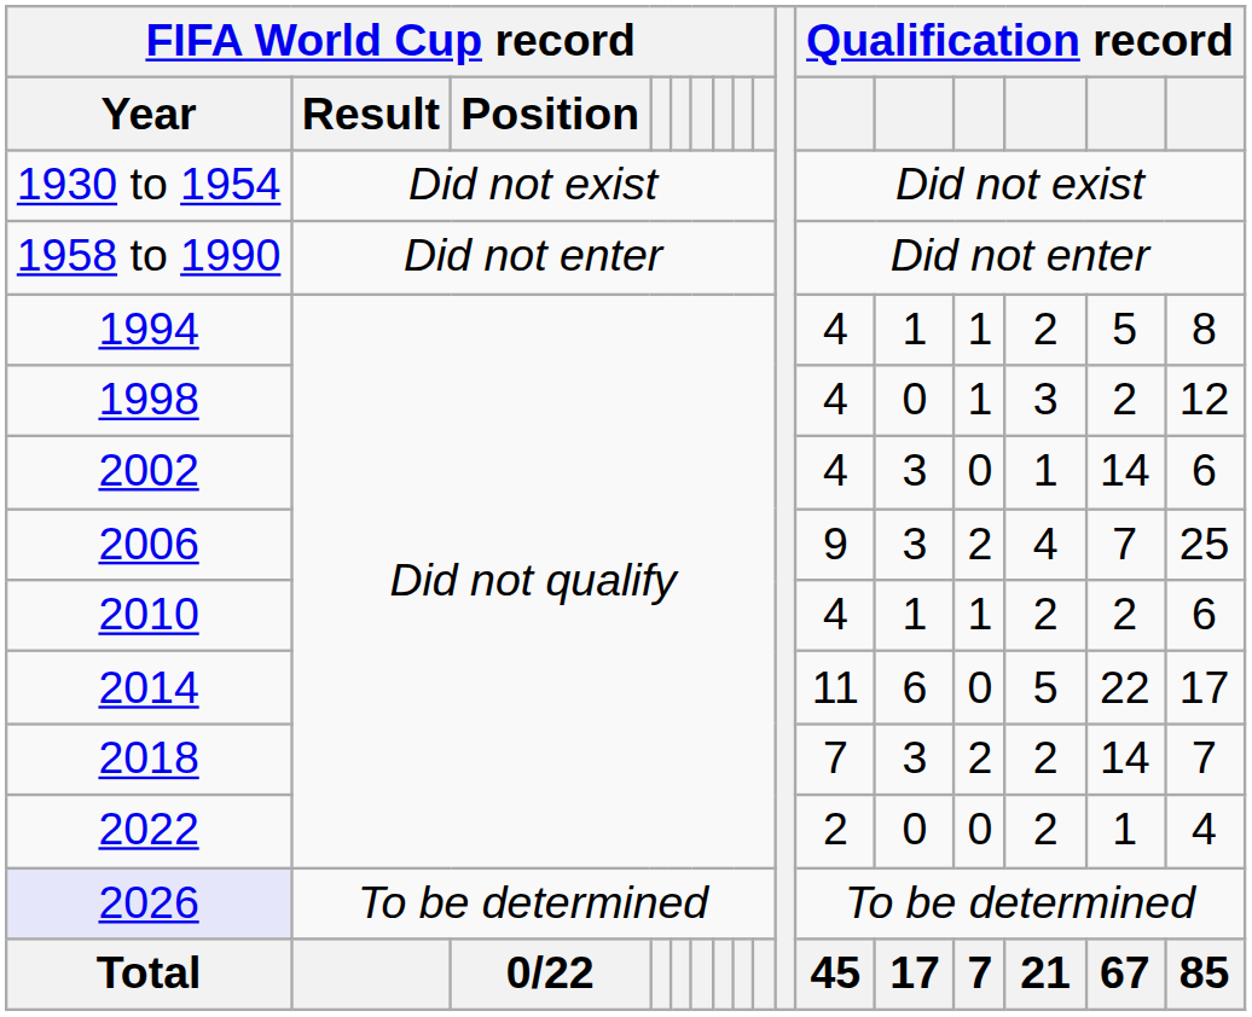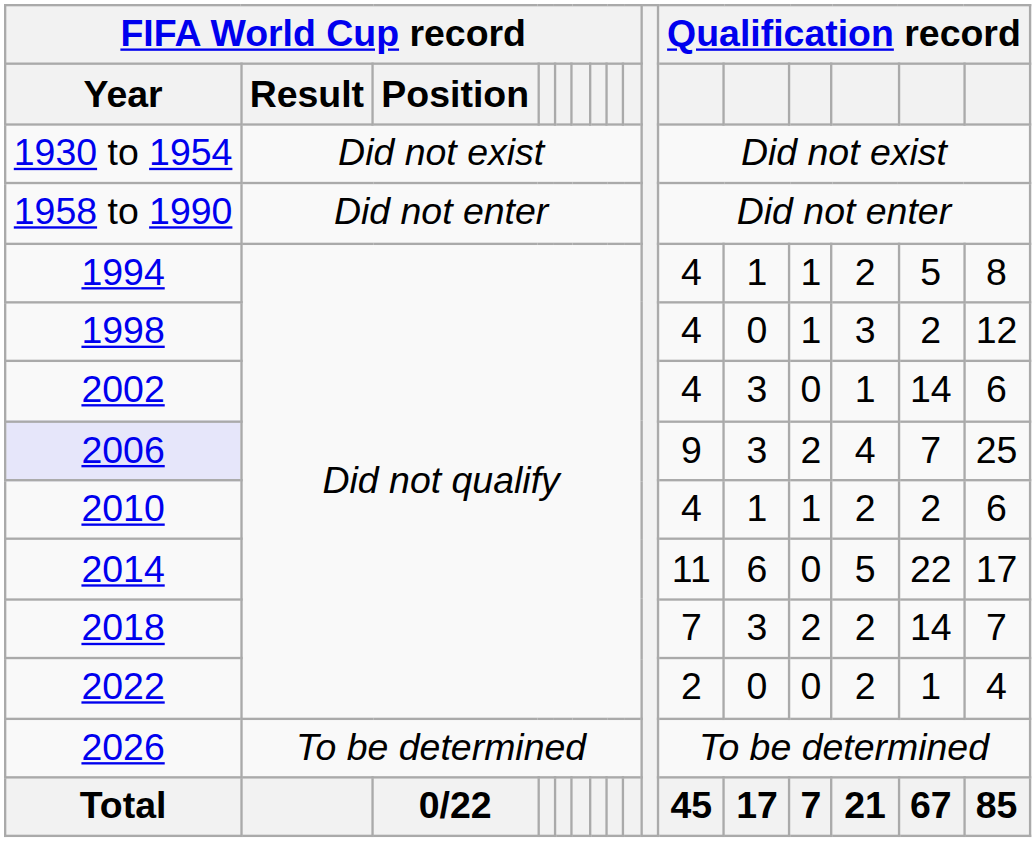 <table class="wikitable" style="text-align: center;">
 <tr>
 <th colspan="9"><a href='#'>FIFA World Cup</a> record</th>
 <th rowspan="25"></th>
 <th colspan="6"><a href='#'>Qualification</a> record</th>
 </tr>
 <tr>
 <th>Year</th>
 <th>Result</th>
 <th>Position</th>
 <th></th>
 <th></th>
 <th></th>
 <th></th>
 <th></th>
 <th></th>
 <th></th>
 <th></th>
 <th></th>
 <th></th>
 <th></th>
 <th></th>
 </tr>
 <tr>
 <td><a href='#'>1930</a> to <a href='#'>1954</a></td>
 <td colspan=8><em>Did not exist</em></td>
 <td colspan=6><em>Did not exist</em></td>
 </tr>
 <tr>
 <td><a href='#'>1958</a> to <a href='#'>1990</a></td>
 <td colspan=8><em>Did not enter</em></td>
 <td colspan=6><em>Did not enter</em></td>
 </tr>
 <tr>
 <td> <a href='#'>1994</a></td>
 <td rowspan=8 colspan=8><em>Did not qualify</em></td>
 <td>4</td>
 <td>1</td>
 <td>1</td>
 <td>2</td>
 <td>5</td>
 <td>8</td>
 </tr>
 <tr>
 <td> <a href='#'>1998</a></td>
 <td>4</td>
 <td>0</td>
 <td>1</td>
 <td>3</td>
 <td>2</td>
 <td>12</td>
 </tr>
 <tr>
 <td>  <a href='#'>2002</a></td>
 <td>4</td>
 <td>3</td>
 <td>0</td>
 <td>1</td>
 <td>14</td>
 <td>6</td>
 </tr>
 <tr>
-<td> <a href='#'>2006</a></td>
+<td style="background: lavender;"> <a href='#'>2006</a></td>
 <td>9</td>
 <td>3</td>
 <td>2</td>
 <td>4</td>
 <td>7</td>
 <td>25</td>
 </tr>
 <tr>
 <td> <a href='#'>2010</a></td>
 <td>4</td>
 <td>1</td>
 <td>1</td>
 <td>2</td>
 <td>2</td>
 <td>6</td>
 </tr>
 <tr>
 <td> <a href='#'>2014</a></td>
 <td>11</td>
 <td>6</td>
 <td>0</td>
 <td>5</td>
 <td>22</td>
 <td>17</td>
 </tr>
 <tr>
 <td> <a href='#'>2018</a></td>
 <td>7</td>
 <td>3</td>
 <td>2</td>
 <td>2</td>
 <td>14</td>
 <td>7</td>
 </tr>
 <tr>
 <td> <a href='#'>2022</a></td>
 <td>2</td>
 <td>0</td>
 <td>0</td>
 <td>2</td>
 <td>1</td>
 <td>4</td>
 </tr>
 <tr>
-<td style="background: lavender;">   <a href='#'>2026</a></td>
+<td>   <a href='#'>2026</a></td>
 <td colspan=8><em>To be determined</em></td>
 <td colspan=6><em>To be determined</em></td>
 </tr>
 <tr>
 <th>Total</th>
 <th></th>
 <th>0/22</th>
 <th></th>
 <th></th>
 <th></th>
 <th></th>
 <th></th>
 <th></th>
 <th>45</th>
 <th>17</th>
 <th>7</th>
 <th>21</th>
 <th>67</th>
 <th>85</th>
 </tr>
 </table>
